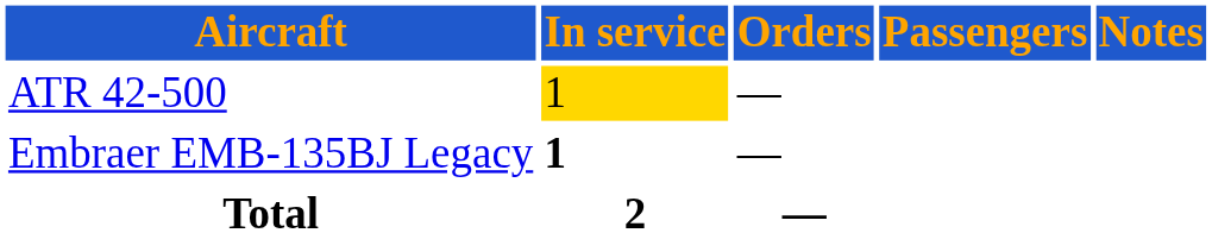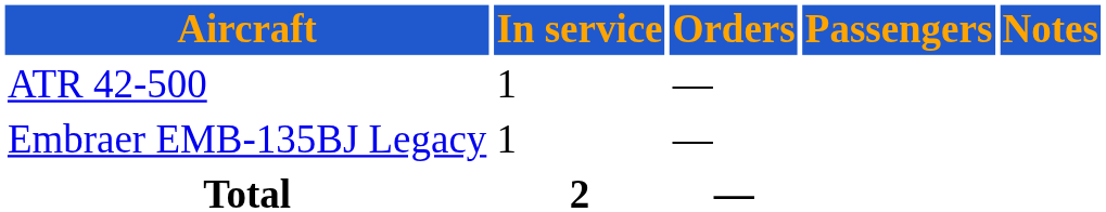 <table>
 <tr style="background-color:#1F59CD;color:orange;">
 <th>Aircraft</th>
 <th>In service</th>
 <th>Orders</th>
 <th>Passengers</th>
 <th>Notes</th>
 </tr>
 <tr>
 <td><a href='#'>ATR 42-500</a></td>
-<td style="background: gold;">1</td>
+<td>1</td>
 <td>—</td>
 <td></td>
 <td></td>
 </tr>
 <tr>
 <td><a href='#'>Embraer EMB-135BJ Legacy</a></td>
-<td><strong>1</strong></td>
+<td>1</td>
 <td>—</td>
 <td></td>
 <td></td>
 </tr>
 <tr>
 <th>Total</th>
 <th>2</th>
 <th>—</th>
 <th colspan="4"></th>
 </tr>
 </table>
